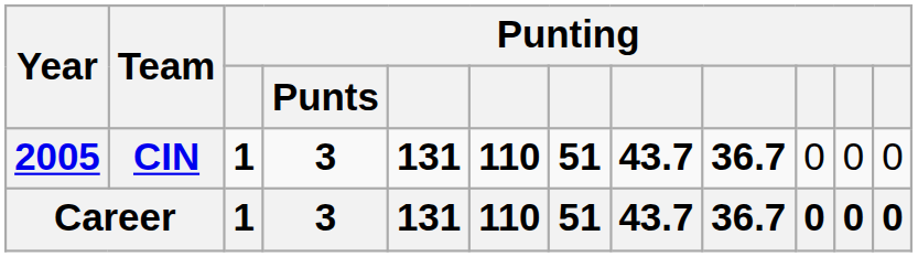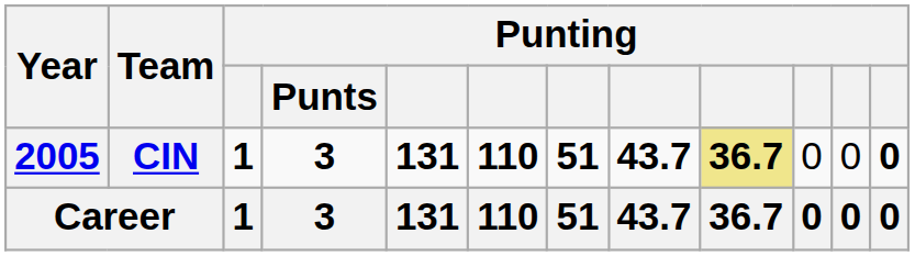 <table class=wikitable style="text-align:center;">
 <tr>
 <th rowspan="2">Year</th>
 <th rowspan="2">Team</th>
 <th colspan="10">Punting</th>
 </tr>
 <tr>
 <th></th>
 <th>Punts</th>
 <th></th>
 <th></th>
 <th></th>
 <th></th>
 <th></th>
 <th></th>
 <th></th>
 <th></th>
 </tr>
 <tr>
 <th><a href='#'>2005</a></th>
 <th><a href='#'>CIN</a></th>
 <td><strong>1</strong></td>
 <td><strong>3</strong></td>
 <td><strong>131</strong></td>
 <td><strong>110</strong></td>
 <td><strong>51</strong></td>
 <td><strong>43.7</strong></td>
-<td><strong>36.7</strong></td>
+<td style="background: khaki;"><strong>36.7</strong></td>
 <td>0</td>
 <td>0</td>
-<td>0</td>
+<td><strong>0</strong></td>
 </tr>
 <tr>
 <th colspan="2">Career</th>
 <th>1</th>
 <th>3</th>
 <th>131</th>
 <th>110</th>
 <th>51</th>
 <th>43.7</th>
 <th>36.7</th>
 <th>0</th>
 <th>0</th>
 <th>0</th>
 </tr>
 </table>
